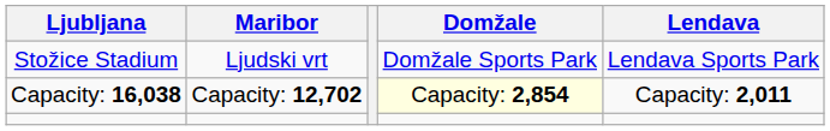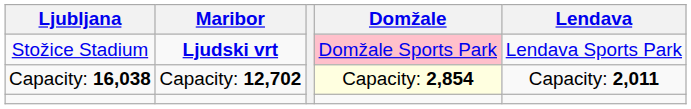 <table class="wikitable" style="text-align:center;margin:1em auto;">
 <tr>
 <th><a href='#'>Ljubljana</a></th>
 <th><a href='#'>Maribor</a></th>
 <th rowspan="5" style="text-align:center;"></th>
 <th><a href='#'>Domžale</a></th>
 <th><a href='#'>Lendava</a></th>
 </tr>
 <tr>
 <td><a href='#'>Stožice Stadium</a></td>
-<td><a href='#'>Ljudski vrt</a></td>
-<td><a href='#'>Domžale Sports Park</a></td>
+<td><strong><a href='#'>Ljudski vrt</a></strong></td>
+<td style="background: pink;"><a href='#'>Domžale Sports Park</a></td>
 <td><a href='#'>Lendava Sports Park</a></td>
 </tr>
 <tr>
 <td>Capacity: <strong>16,038</strong></td>
 <td>Capacity: <strong>12,702</strong></td>
 <td style="background: lightyellow;">Capacity: <strong>2,854</strong></td>
 <td>Capacity: <strong>2,011</strong></td>
 </tr>
 <tr>
 <td></td>
 <td></td>
 <td></td>
 <td></td>
 </tr>
 </table>
